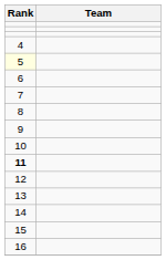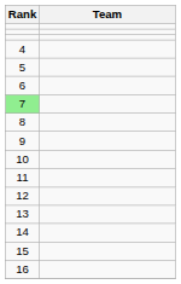 <table class="wikitable">
 <tr>
 <th style="width: 40px;">Rank</th>
 <th style="width: 180px;">Team</th>
 </tr>
 <tr>
 <td align=center></td>
 <td></td>
 </tr>
 <tr>
 <td align=center></td>
 <td></td>
 </tr>
 <tr>
 <td align=center></td>
 <td></td>
 </tr>
 <tr>
 <td align=center>4</td>
 <td></td>
 </tr>
 <tr>
-<td align=center style="background: lightyellow;">5</td>
+<td align=center>5</td>
 <td></td>
 </tr>
 <tr>
 <td align=center>6</td>
 <td></td>
 </tr>
 <tr>
-<td align=center>7</td>
+<td align=center style="background: lightgreen;">7</td>
 <td></td>
 </tr>
 <tr>
 <td align=center>8</td>
 <td></td>
 </tr>
 <tr>
 <td align=center>9</td>
 <td></td>
 </tr>
 <tr>
 <td align=center>10</td>
 <td></td>
 </tr>
 <tr>
-<td align=center><strong>11</strong></td>
+<td align=center>11</td>
 <td></td>
 </tr>
 <tr>
 <td align=center>12</td>
 <td></td>
 </tr>
 <tr>
 <td align=center>13</td>
 <td></td>
 </tr>
 <tr>
 <td align=center>14</td>
 <td></td>
 </tr>
 <tr>
 <td align=center>15</td>
 <td></td>
 </tr>
 <tr>
 <td align=center>16</td>
 <td></td>
 </tr>
 <tr>
 </tr>
 </table>
